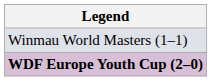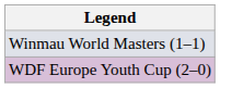 <table class="wikitable">
 <tr>
 <th>Legend</th>
 </tr>
 <tr style="background:#dfe2e9;">
 <td>Winmau World Masters (1–1)</td>
 </tr>
 <tr style="background:thistle">
-<td><strong>WDF Europe Youth Cup (2–0)</strong></td>
+<td>WDF Europe Youth Cup (2–0)</td>
 </tr>
 </table>
